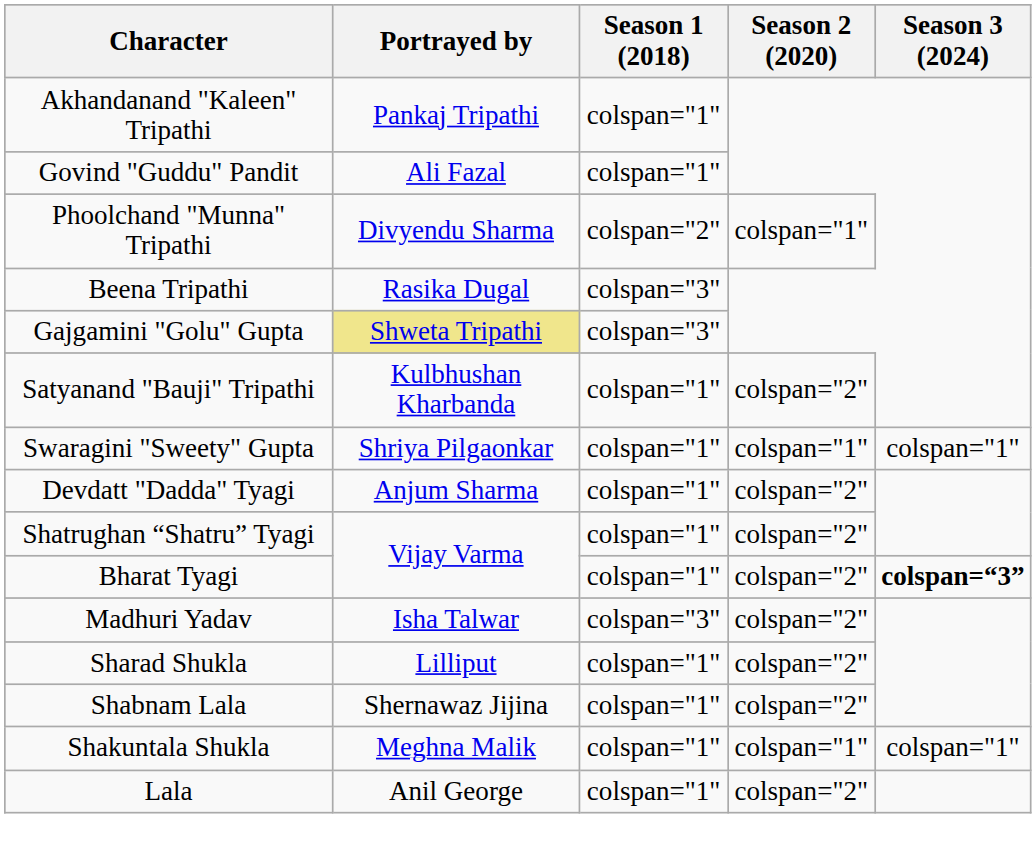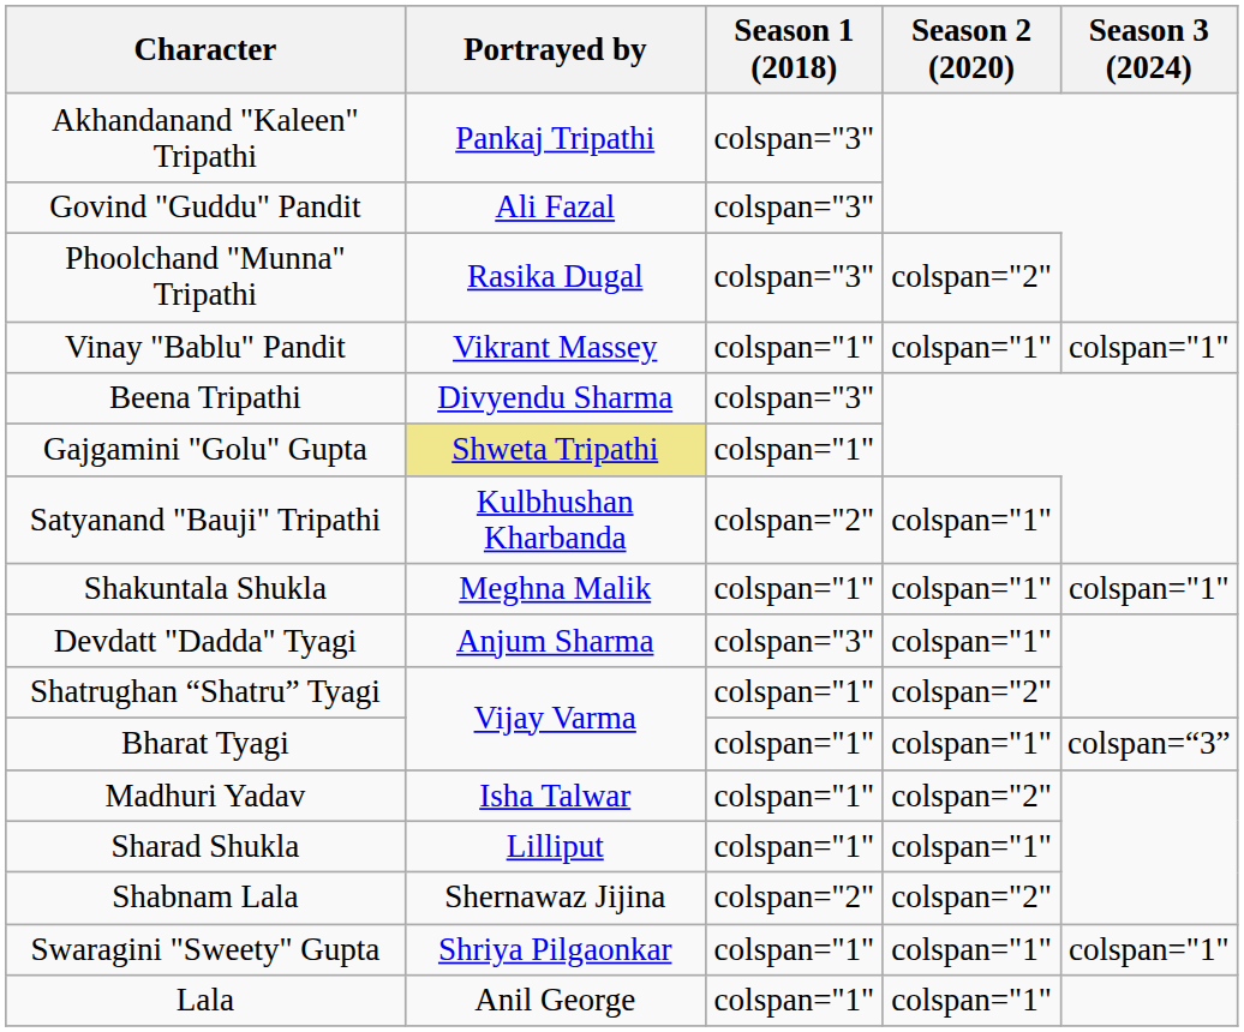 <table class="wikitable" style="text-align:center;">
 <tr>
 <th>Character</th>
 <th>Portrayed by</th>
 <th style="width:80px;">Season 1<br>(2018)</th>
 <th style="width:80px;">Season 2<br>(2020)</th>
 <th style="width:80px;">Season 3<br>(2024)</th>
 </tr>
 <tr>
 <td>Akhandanand "Kaleen" Tripathi</td>
 <td><a href='#'>Pankaj Tripathi</a></td>
-<td>colspan="1" </td>
+<td>colspan="3" </td>
 </tr>
 <tr>
 <td>Govind "Guddu" Pandit</td>
 <td><a href='#'>Ali Fazal</a></td>
-<td>colspan="1" </td>
+<td>colspan="3" </td>
 </tr>
 <tr>
 <td>Phoolchand "Munna" Tripathi</td>
-<td><a href='#'>Divyendu Sharma</a></td>
+<td><a href='#'>Rasika Dugal</a></td>
+<td>colspan="3" </td>
 <td>colspan="2" </td>
+</tr>
+<tr>
+<td>Vinay "Bablu" Pandit</td>
+<td><a href='#'>Vikrant Massey</a></td>
+<td>colspan="1" </td>
+<td>colspan="1" </td>
 <td>colspan="1" </td>
 </tr>
 <tr>
 <td>Beena Tripathi</td>
-<td><a href='#'>Rasika Dugal</a></td>
+<td><a href='#'>Divyendu Sharma</a></td>
 <td>colspan="3" </td>
 </tr>
 <tr>
 <td>Gajgamini "Golu" Gupta</td>
 <td style="background: khaki;"><a href='#'>Shweta Tripathi</a></td>
-<td>colspan="3" </td>
+<td>colspan="1" </td>
 </tr>
 <tr>
 <td>Satyanand "Bauji" Tripathi</td>
 <td><a href='#'>Kulbhushan Kharbanda</a></td>
+<td>colspan="2" </td>
 <td>colspan="1" </td>
+</tr>
+<tr>
+<td>Shakuntala Shukla</td>
+<td><a href='#'>Meghna Malik</a></td>
+<td>colspan="1" </td>
+<td>colspan="1" </td>
+<td>colspan="1" </td>
+</tr>
+<tr>
+<td>Devdatt "Dadda" Tyagi</td>
+<td><a href='#'>Anjum Sharma</a></td>
+<td>colspan="3" </td>
+<td>colspan="1" </td>
+</tr>
+<tr>
+<td>Shatrughan “Shatru” Tyagi</td>
+<td rowspan="2"><a href='#'>Vijay Varma</a></td>
+<td>colspan="1" </td>
+<td>colspan="2" </td>
+</tr>
+<tr>
+<td>Bharat Tyagi</td>
+<td>colspan="1" </td>
+<td>colspan="1" </td>
+<td>colspan=“3” </td>
+</tr>
+<tr>
+<td>Madhuri Yadav</td>
+<td><a href='#'>Isha Talwar</a></td>
+<td>colspan="1" </td>
+<td>colspan="2" </td>
+</tr>
+<tr>
+<td>Sharad Shukla</td>
+<td><a href='#'>Lilliput</a></td>
+<td>colspan="1" </td>
+<td>colspan="1" </td>
+</tr>
+<tr>
+<td>Shabnam Lala</td>
+<td>Shernawaz Jijina</td>
+<td>colspan="2" </td>
 <td>colspan="2" </td>
 </tr>
 <tr>
 <td>Swaragini "Sweety" Gupta</td>
 <td><a href='#'>Shriya Pilgaonkar</a></td>
 <td>colspan="1" </td>
 <td>colspan="1" </td>
 <td>colspan="1" </td>
 </tr>
 <tr>
-<td>Devdatt "Dadda" Tyagi</td>
-<td><a href='#'>Anjum Sharma</a></td>
-<td>colspan="1" </td>
-<td>colspan="2" </td>
-</tr>
-<tr>
-<td>Shatrughan “Shatru” Tyagi</td>
-<td rowspan="2"><a href='#'>Vijay Varma</a></td>
-<td>colspan="1" </td>
-<td>colspan="2" </td>
-</tr>
-<tr>
-<td>Bharat Tyagi</td>
-<td>colspan="1" </td>
-<td>colspan="2" </td>
-<td><strong>colspan=“3” </strong></td>
-</tr>
-<tr>
-<td>Madhuri Yadav</td>
-<td><a href='#'>Isha Talwar</a></td>
-<td>colspan="3" </td>
-<td>colspan="2" </td>
-</tr>
-<tr>
-<td>Sharad Shukla</td>
-<td><a href='#'>Lilliput</a></td>
-<td>colspan="1" </td>
-<td>colspan="2" </td>
-</tr>
-<tr>
-<td>Shabnam Lala</td>
-<td>Shernawaz Jijina</td>
-<td>colspan="1" </td>
-<td>colspan="2" </td>
-</tr>
-<tr>
-<td>Shakuntala Shukla</td>
-<td><a href='#'>Meghna Malik</a></td>
-<td>colspan="1" </td>
+<td>Lala</td>
+<td>Anil George</td>
 <td>colspan="1" </td>
 <td>colspan="1" </td>
 </tr>
-<tr>
-<td>Lala</td>
-<td>Anil George</td>
-<td>colspan="1" </td>
-<td>colspan="2" </td>
-</tr>
 </table>
